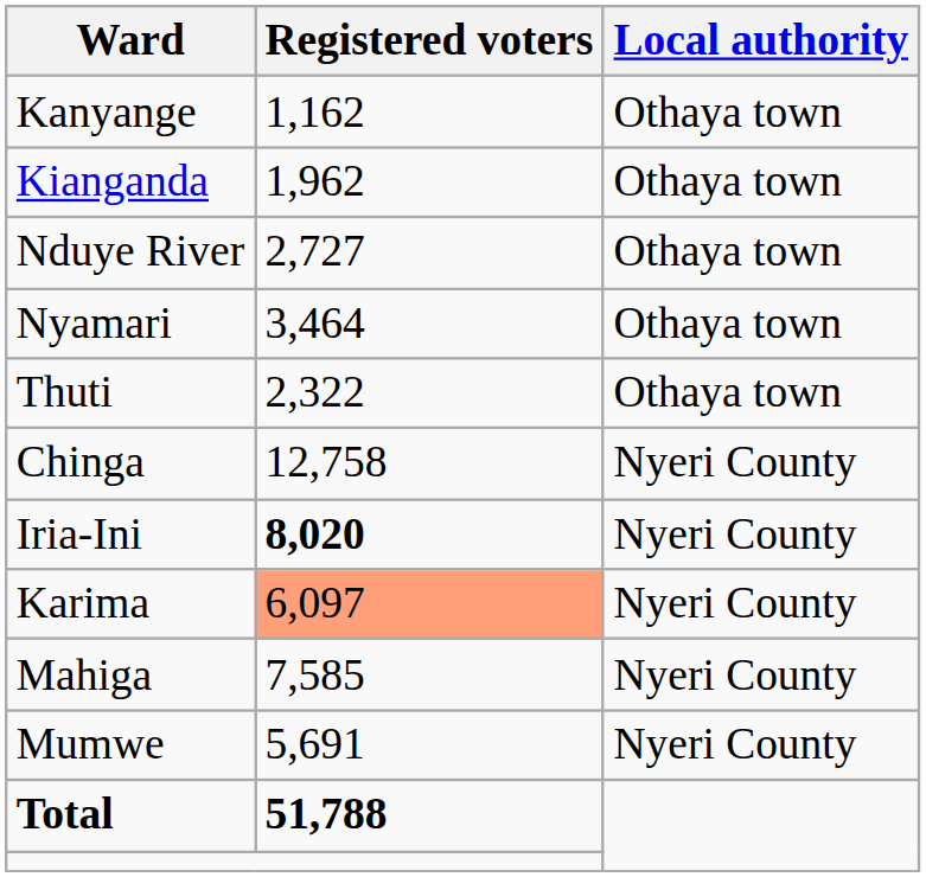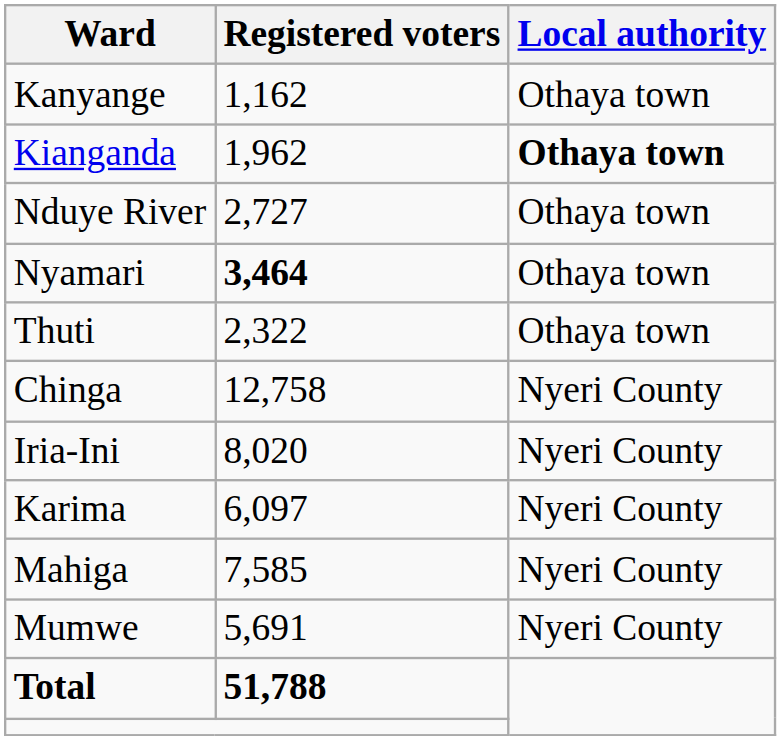 <table class="wikitable">
 <tr>
 <th>Ward</th>
 <th>Registered voters</th>
 <th><a href='#'>Local authority</a></th>
 </tr>
 <tr>
 <td>Kanyange</td>
 <td>1,162</td>
 <td>Othaya town</td>
 </tr>
 <tr>
 <td><a href='#'>Kianganda</a></td>
 <td>1,962</td>
-<td>Othaya town</td>
+<td><strong>Othaya town</strong></td>
 </tr>
 <tr>
 <td>Nduye River</td>
 <td>2,727</td>
 <td>Othaya town</td>
 </tr>
 <tr>
 <td>Nyamari</td>
-<td>3,464</td>
+<td><strong>3,464</strong></td>
 <td>Othaya town</td>
 </tr>
 <tr>
 <td>Thuti</td>
 <td>2,322</td>
 <td>Othaya town</td>
 </tr>
 <tr>
 <td>Chinga</td>
 <td>12,758</td>
 <td>Nyeri County</td>
 </tr>
 <tr>
 <td>Iria-Ini</td>
-<td><strong>8,020</strong></td>
+<td>8,020</td>
 <td>Nyeri County</td>
 </tr>
 <tr>
 <td>Karima</td>
-<td style="background: lightsalmon;">6,097</td>
+<td>6,097</td>
 <td>Nyeri County</td>
 </tr>
 <tr>
 <td>Mahiga</td>
 <td>7,585</td>
 <td>Nyeri County</td>
 </tr>
 <tr>
 <td>Mumwe</td>
 <td>5,691</td>
 <td>Nyeri County</td>
 </tr>
 <tr>
 <td><strong>Total</strong></td>
 <td><strong>51,788</strong></td>
 </tr>
 <tr>
 <td colspan="2"></td>
 </tr>
 </table>
